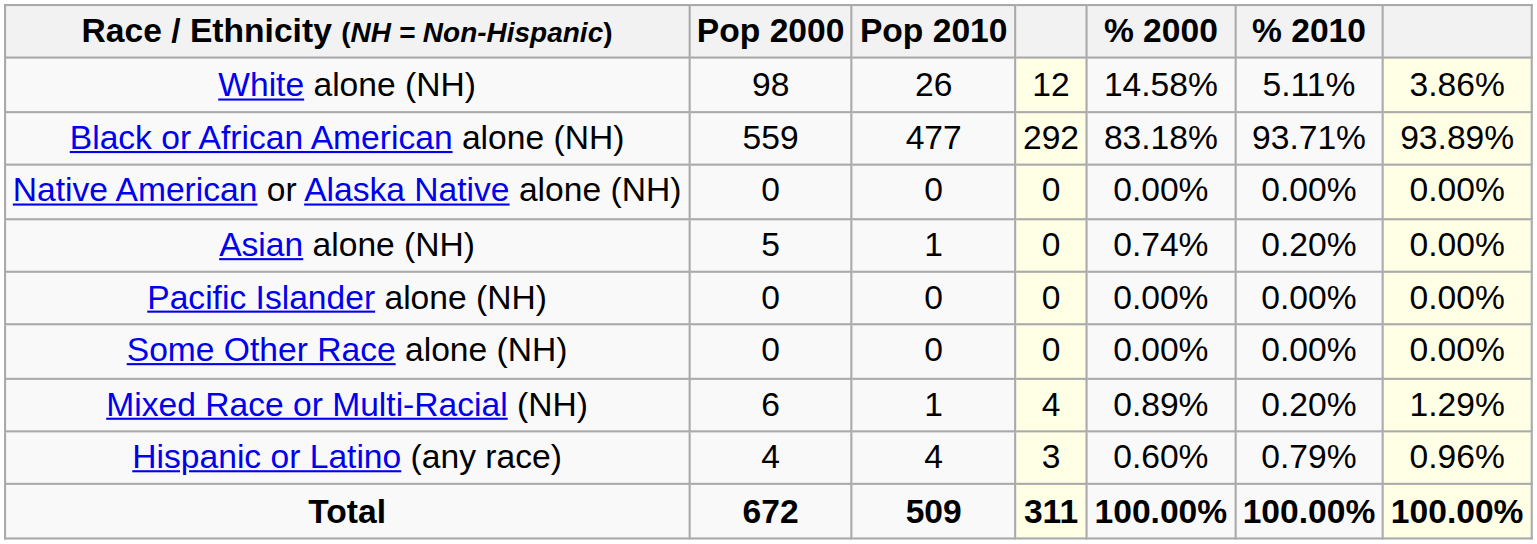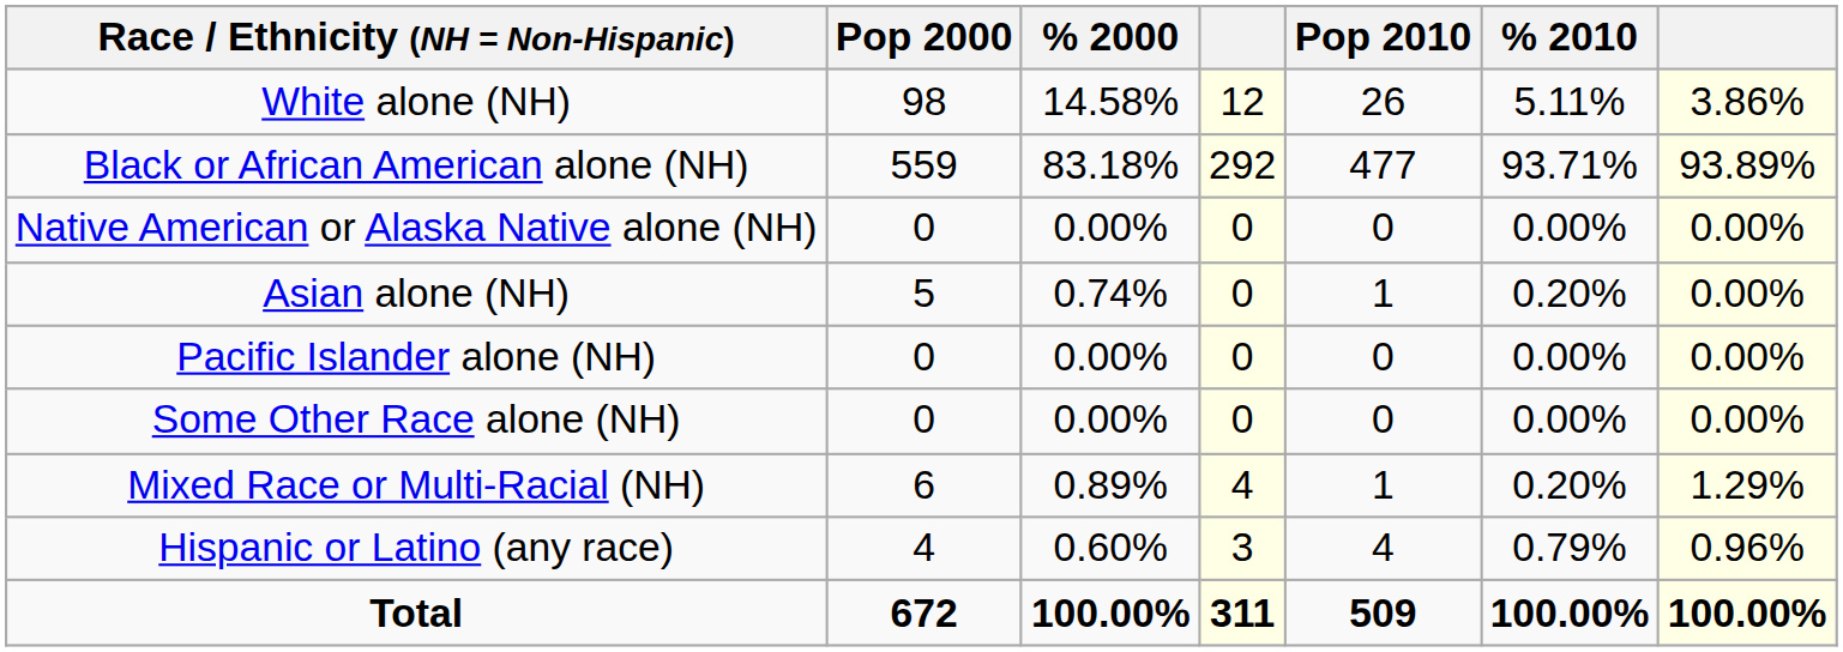 <table class="wikitable" style="text-align:center;">
 <tr>
 <th>Race / Ethnicity <small>(<em>NH = Non-Hispanic</em>)</small></th>
 <th>Pop 2000</th>
+<th>% 2000</th>
+<th></th>
 <th>Pop 2010</th>
-<th></th>
-<th>% 2000</th>
 <th>% 2010</th>
 <th></th>
 </tr>
 <tr>
 <td><a href='#'>White</a> alone (NH)</td>
 <td>98</td>
+<td>14.58%</td>
+<td style='background: #ffffe6;'>12</td>
 <td>26</td>
-<td style='background: #ffffe6;'>12</td>
-<td>14.58%</td>
 <td>5.11%</td>
 <td style='background: #ffffe6;'>3.86%</td>
 </tr>
 <tr>
 <td><a href='#'>Black or African American</a> alone (NH)</td>
 <td>559</td>
+<td>83.18%</td>
+<td style='background: #ffffe6;'>292</td>
 <td>477</td>
-<td style='background: #ffffe6;'>292</td>
-<td>83.18%</td>
 <td>93.71%</td>
 <td style='background: #ffffe6;'>93.89%</td>
 </tr>
 <tr>
 <td><a href='#'>Native American</a> or <a href='#'>Alaska Native</a> alone (NH)</td>
 <td>0</td>
+<td>0.00%</td>
+<td style='background: #ffffe6;'>0</td>
 <td>0</td>
-<td style='background: #ffffe6;'>0</td>
-<td>0.00%</td>
 <td>0.00%</td>
 <td style='background: #ffffe6;'>0.00%</td>
 </tr>
 <tr>
 <td><a href='#'>Asian</a> alone (NH)</td>
 <td>5</td>
+<td>0.74%</td>
+<td style='background: #ffffe6;'>0</td>
 <td>1</td>
-<td style='background: #ffffe6;'>0</td>
-<td>0.74%</td>
 <td>0.20%</td>
 <td style='background: #ffffe6;'>0.00%</td>
 </tr>
 <tr>
 <td><a href='#'>Pacific Islander</a> alone (NH)</td>
 <td>0</td>
+<td>0.00%</td>
+<td style='background: #ffffe6;'>0</td>
 <td>0</td>
-<td style='background: #ffffe6;'>0</td>
-<td>0.00%</td>
 <td>0.00%</td>
 <td style='background: #ffffe6;'>0.00%</td>
 </tr>
 <tr>
 <td><a href='#'>Some Other Race</a> alone (NH)</td>
 <td>0</td>
+<td>0.00%</td>
+<td style='background: #ffffe6;'>0</td>
 <td>0</td>
-<td style='background: #ffffe6;'>0</td>
-<td>0.00%</td>
 <td>0.00%</td>
 <td style='background: #ffffe6;'>0.00%</td>
 </tr>
 <tr>
 <td><a href='#'>Mixed Race or Multi-Racial</a> (NH)</td>
 <td>6</td>
+<td>0.89%</td>
+<td style='background: #ffffe6;'>4</td>
 <td>1</td>
-<td style='background: #ffffe6;'>4</td>
-<td>0.89%</td>
 <td>0.20%</td>
 <td style='background: #ffffe6;'>1.29%</td>
 </tr>
 <tr>
 <td><a href='#'>Hispanic or Latino</a> (any race)</td>
 <td>4</td>
+<td>0.60%</td>
+<td style='background: #ffffe6;'>3</td>
 <td>4</td>
-<td style='background: #ffffe6;'>3</td>
-<td>0.60%</td>
 <td>0.79%</td>
 <td style='background: #ffffe6;'>0.96%</td>
 </tr>
 <tr>
 <td><strong>Total</strong></td>
 <td><strong>672</strong></td>
+<td><strong>100.00%</strong></td>
+<td style='background: #ffffe6;'><strong>311</strong></td>
 <td><strong>509</strong></td>
-<td style='background: #ffffe6;'><strong>311</strong></td>
-<td><strong>100.00%</strong></td>
 <td><strong>100.00%</strong></td>
 <td style='background: #ffffe6;'><strong>100.00%</strong></td>
 </tr>
 </table>
